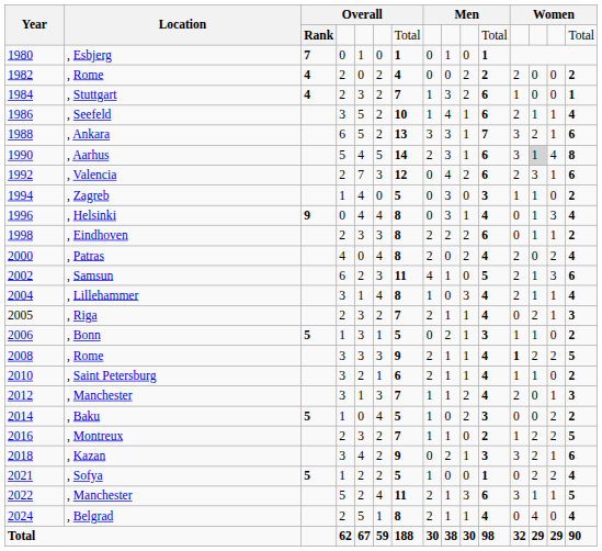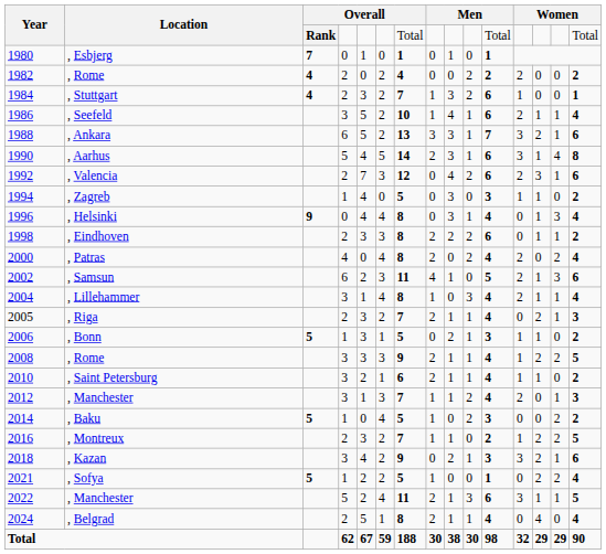 <table class="wikitable">
 <tr>
 <th rowspan=2 width="10%">Year</th>
 <th rowspan=2 width="40%">Location</th>
 <th colspan=5>Overall</th>
 <th colspan=4>Men</th>
 <th colspan=4>Women</th>
 </tr>
 <tr>
 <th>Rank</th>
 <td></td>
 <td></td>
 <td></td>
 <td>Total</td>
 <td></td>
 <td></td>
 <td></td>
 <td>Total</td>
 <td></td>
 <td></td>
 <td></td>
 <td>Total</td>
 </tr>
 <tr>
 <td><a href='#'>1980</a></td>
 <td>, <a href='#'>Esbjerg</a></td>
 <td><strong>7</strong></td>
 <td>0</td>
 <td>1</td>
 <td>0</td>
 <td><strong>1</strong></td>
 <td>0</td>
 <td>1</td>
 <td>0</td>
 <td><strong>1</strong></td>
 <td colspan=4></td>
 </tr>
 <tr>
 <td><a href='#'>1982</a></td>
 <td>, <a href='#'>Rome</a></td>
 <td><strong>4</strong></td>
 <td>2</td>
 <td>0</td>
 <td>2</td>
 <td><strong>4</strong></td>
 <td>0</td>
 <td>0</td>
 <td>2</td>
 <td><strong>2</strong></td>
 <td>2</td>
 <td>0</td>
 <td>0</td>
 <td><strong>2</strong></td>
 </tr>
 <tr>
 <td><a href='#'>1984</a></td>
 <td>, <a href='#'>Stuttgart</a></td>
 <td><strong>4</strong></td>
 <td>2</td>
 <td>3</td>
 <td>2</td>
 <td><strong>7</strong></td>
 <td>1</td>
 <td>3</td>
 <td>2</td>
 <td><strong>6</strong></td>
 <td>1</td>
 <td>0</td>
 <td>0</td>
 <td><strong>1</strong></td>
 </tr>
 <tr>
 <td><a href='#'>1986</a></td>
 <td>, <a href='#'>Seefeld</a></td>
 <td></td>
 <td>3</td>
 <td>5</td>
 <td>2</td>
 <td><strong>10</strong></td>
 <td>1</td>
 <td>4</td>
 <td>1</td>
 <td><strong>6</strong></td>
 <td>2</td>
 <td>1</td>
 <td>1</td>
 <td><strong>4</strong></td>
 </tr>
 <tr>
 <td><a href='#'>1988</a></td>
 <td>, <a href='#'>Ankara</a></td>
 <td></td>
 <td>6</td>
 <td>5</td>
 <td>2</td>
 <td><strong>13</strong></td>
 <td>3</td>
 <td>3</td>
 <td>1</td>
 <td><strong>7</strong></td>
 <td>3</td>
 <td>2</td>
 <td>1</td>
 <td><strong>6</strong></td>
 </tr>
 <tr>
 <td><a href='#'>1990</a></td>
 <td>, <a href='#'>Aarhus</a></td>
 <td></td>
 <td>5</td>
 <td>4</td>
 <td>5</td>
 <td><strong>14</strong></td>
 <td>2</td>
 <td>3</td>
 <td>1</td>
 <td><strong>6</strong></td>
 <td>3</td>
-<td style="background: lightgrey;">1</td>
+<td>1</td>
 <td>4</td>
 <td><strong>8</strong></td>
 </tr>
 <tr>
 <td><a href='#'>1992</a></td>
 <td>, <a href='#'>Valencia</a></td>
 <td></td>
 <td>2</td>
 <td>7</td>
 <td>3</td>
 <td><strong>12</strong></td>
 <td>0</td>
 <td>4</td>
 <td>2</td>
 <td><strong>6</strong></td>
 <td>2</td>
 <td>3</td>
 <td>1</td>
 <td><strong>6</strong></td>
 </tr>
 <tr>
 <td><a href='#'>1994</a></td>
 <td>, <a href='#'>Zagreb</a></td>
 <td></td>
 <td>1</td>
 <td>4</td>
 <td>0</td>
 <td><strong>5</strong></td>
 <td>0</td>
 <td>3</td>
 <td>0</td>
 <td><strong>3</strong></td>
 <td>1</td>
 <td>1</td>
 <td>0</td>
 <td><strong>2</strong></td>
 </tr>
 <tr>
 <td><a href='#'>1996</a></td>
 <td>, <a href='#'>Helsinki</a></td>
 <td><strong>9</strong></td>
 <td>0</td>
 <td>4</td>
 <td>4</td>
 <td><strong>8</strong></td>
 <td>0</td>
 <td>3</td>
 <td>1</td>
 <td><strong>4</strong></td>
 <td>0</td>
 <td>1</td>
 <td>3</td>
 <td><strong>4</strong></td>
 </tr>
 <tr>
 <td><a href='#'>1998</a></td>
 <td>, <a href='#'>Eindhoven</a></td>
 <td></td>
 <td>2</td>
 <td>3</td>
 <td>3</td>
 <td><strong>8</strong></td>
 <td>2</td>
 <td>2</td>
 <td>2</td>
 <td><strong>6</strong></td>
 <td>0</td>
 <td>1</td>
 <td>1</td>
 <td><strong>2</strong></td>
 </tr>
 <tr>
 <td><a href='#'>2000</a></td>
 <td>, <a href='#'>Patras</a></td>
 <td></td>
 <td>4</td>
 <td>0</td>
 <td>4</td>
 <td><strong>8</strong></td>
 <td>2</td>
 <td>0</td>
 <td>2</td>
 <td><strong>4</strong></td>
 <td>2</td>
 <td>0</td>
 <td>2</td>
 <td><strong>4</strong></td>
 </tr>
 <tr>
 <td><a href='#'>2002</a></td>
 <td>, <a href='#'>Samsun</a></td>
 <td></td>
 <td>6</td>
 <td>2</td>
 <td>3</td>
 <td><strong>11</strong></td>
 <td>4</td>
 <td>1</td>
 <td>0</td>
 <td><strong>5</strong></td>
 <td>2</td>
 <td>1</td>
 <td>3</td>
 <td><strong>6</strong></td>
 </tr>
 <tr>
 <td><a href='#'>2004</a></td>
 <td>, <a href='#'>Lillehammer</a></td>
 <td></td>
 <td>3</td>
 <td>1</td>
 <td>4</td>
 <td><strong>8</strong></td>
 <td>1</td>
 <td>0</td>
 <td>3</td>
 <td><strong>4</strong></td>
 <td>2</td>
 <td>1</td>
 <td>1</td>
 <td><strong>4</strong></td>
 </tr>
 <tr>
 <td>2005</td>
 <td>, <a href='#'>Riga</a></td>
 <td></td>
 <td>2</td>
 <td>3</td>
 <td>2</td>
 <td><strong>7</strong></td>
 <td>2</td>
 <td>1</td>
 <td>1</td>
 <td><strong>4</strong></td>
 <td>0</td>
 <td>2</td>
 <td>1</td>
 <td><strong>3</strong></td>
 </tr>
 <tr>
 <td><a href='#'>2006</a></td>
 <td>, <a href='#'>Bonn</a></td>
 <td><strong>5</strong></td>
 <td>1</td>
 <td>3</td>
 <td>1</td>
 <td><strong>5</strong></td>
 <td>0</td>
 <td>2</td>
 <td>1</td>
 <td><strong>3</strong></td>
 <td>1</td>
 <td>1</td>
 <td>0</td>
 <td><strong>2</strong></td>
 </tr>
 <tr>
 <td><a href='#'>2008</a></td>
 <td>, <a href='#'>Rome</a></td>
 <td></td>
 <td>3</td>
 <td>3</td>
 <td>3</td>
 <td><strong>9</strong></td>
 <td>2</td>
 <td>1</td>
 <td>1</td>
 <td><strong>4</strong></td>
-<td><strong>1</strong></td>
+<td>1</td>
 <td>2</td>
 <td>2</td>
 <td><strong>5</strong></td>
 </tr>
 <tr>
 <td><a href='#'>2010</a></td>
 <td>, <a href='#'>Saint Petersburg</a></td>
 <td></td>
 <td>3</td>
 <td>2</td>
 <td>1</td>
 <td><strong>6</strong></td>
 <td>2</td>
 <td>1</td>
 <td>1</td>
 <td><strong>4</strong></td>
 <td>1</td>
 <td>1</td>
 <td>0</td>
 <td><strong>2</strong></td>
 </tr>
 <tr>
 <td><a href='#'>2012</a></td>
 <td>, <a href='#'>Manchester</a></td>
 <td></td>
 <td>3</td>
 <td>1</td>
 <td>3</td>
 <td><strong>7</strong></td>
 <td>1</td>
 <td>1</td>
 <td>2</td>
 <td><strong>4</strong></td>
 <td>2</td>
 <td>0</td>
 <td>1</td>
 <td><strong>3</strong></td>
 </tr>
 <tr>
 <td><a href='#'>2014</a></td>
 <td>, <a href='#'>Baku</a></td>
 <td><strong>5</strong></td>
 <td>1</td>
 <td>0</td>
 <td>4</td>
 <td><strong>5</strong></td>
 <td>1</td>
 <td>0</td>
 <td>2</td>
 <td><strong>3</strong></td>
 <td>0</td>
 <td>0</td>
 <td>2</td>
 <td><strong>2</strong></td>
 </tr>
 <tr>
 <td><a href='#'>2016</a></td>
 <td>, <a href='#'>Montreux</a></td>
 <td></td>
 <td>2</td>
 <td>3</td>
 <td>2</td>
 <td><strong>7</strong></td>
 <td>1</td>
 <td>1</td>
 <td>0</td>
 <td><strong>2</strong></td>
 <td>1</td>
 <td>2</td>
 <td>2</td>
 <td><strong>5</strong></td>
 </tr>
 <tr>
 <td><a href='#'>2018</a></td>
 <td>, <a href='#'>Kazan</a></td>
 <td></td>
 <td>3</td>
 <td>4</td>
 <td>2</td>
 <td><strong>9</strong></td>
 <td>0</td>
 <td>2</td>
 <td>1</td>
 <td><strong>3</strong></td>
 <td>3</td>
 <td>2</td>
 <td>1</td>
 <td><strong>6</strong></td>
 </tr>
 <tr>
 <td><a href='#'>2021</a></td>
 <td>, <a href='#'>Sofya</a></td>
 <td><strong>5</strong></td>
 <td>1</td>
 <td>2</td>
 <td>2</td>
 <td><strong>5</strong></td>
 <td>1</td>
 <td>0</td>
 <td>0</td>
 <td><strong>1</strong></td>
 <td>0</td>
 <td>2</td>
 <td>2</td>
 <td><strong>4</strong></td>
 </tr>
 <tr>
 <td><a href='#'>2022</a></td>
 <td>, <a href='#'>Manchester</a></td>
 <td></td>
 <td>5</td>
 <td>2</td>
 <td>4</td>
 <td><strong>11</strong></td>
 <td>2</td>
 <td>1</td>
 <td>3</td>
 <td><strong>6</strong></td>
 <td>3</td>
 <td>1</td>
 <td>1</td>
 <td><strong>5</strong></td>
 </tr>
 <tr>
 <td><a href='#'>2024</a></td>
 <td>, <a href='#'>Belgrad</a></td>
 <td></td>
 <td>2</td>
 <td>5</td>
 <td>1</td>
 <td><strong>8</strong></td>
 <td>2</td>
 <td>1</td>
 <td>1</td>
 <td><strong>4</strong></td>
 <td>0</td>
 <td>4</td>
 <td>0</td>
 <td><strong>4</strong></td>
 </tr>
 <tr>
 <td colspan="2"><strong>Total</strong></td>
 <td></td>
 <td><strong>62</strong></td>
 <td><strong>67</strong></td>
 <td><strong>59</strong></td>
 <td><strong>188</strong></td>
 <td><strong>30</strong></td>
 <td><strong>38</strong></td>
 <td><strong>30</strong></td>
 <td><strong>98</strong></td>
 <td><strong>32</strong></td>
 <td><strong>29</strong></td>
 <td><strong>29</strong></td>
 <td><strong>90</strong></td>
 </tr>
 </table>
